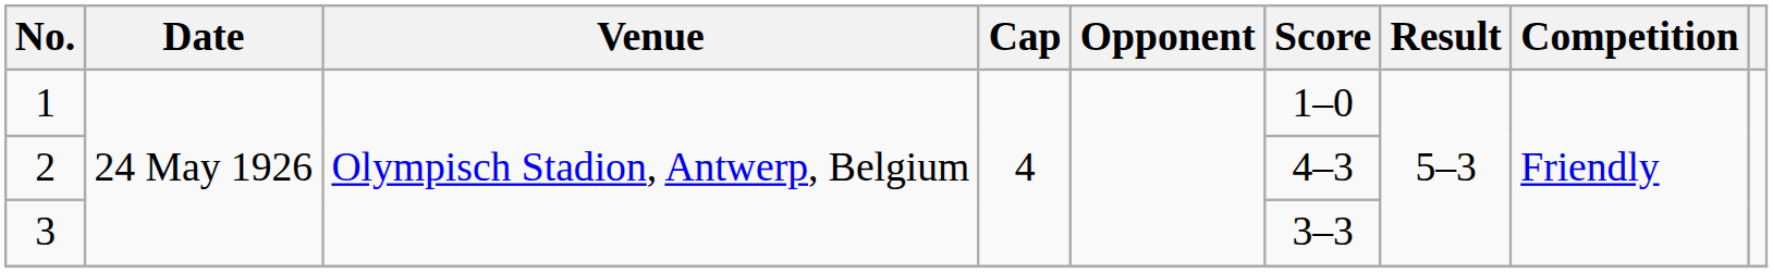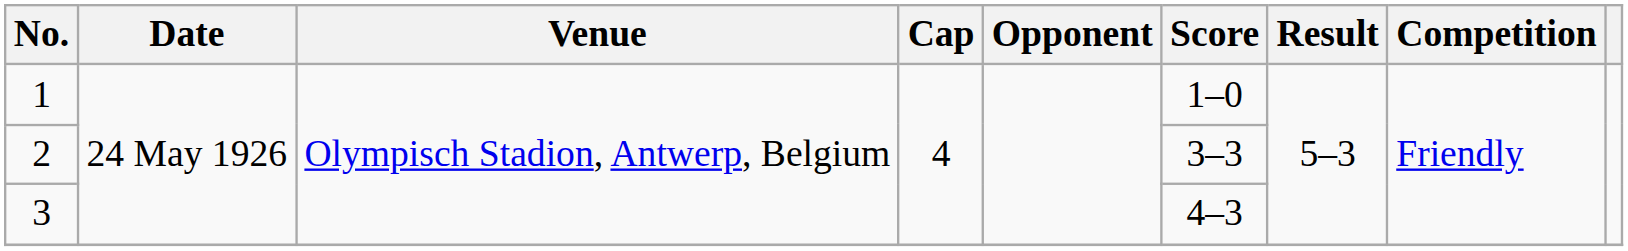 <table class="wikitable sortable">
 <tr>
 <th scope="col">No.</th>
 <th scope="col">Date</th>
 <th scope="col">Venue</th>
 <th scope="col">Cap</th>
 <th scope="col">Opponent</th>
 <th scope="col">Score</th>
 <th scope="col">Result</th>
 <th scope="col">Competition</th>
 <th scope="col" class="unsortable"></th>
 </tr>
 <tr>
 <td style="text-align: center;">1</td>
 <td rowspan="3">24 May 1926</td>
 <td rowspan="3"><a href='#'>Olympisch Stadion</a>, <a href='#'>Antwerp</a>, Belgium</td>
 <td rowspan="3" style="text-align: center;">4</td>
 <td rowspan="3"></td>
 <td style="text-align: center;">1–0</td>
 <td rowspan="3" style="text-align: center;">5–3</td>
 <td rowspan="3"><a href='#'>Friendly</a></td>
 <td rowspan="3" style="text-align: center;"></td>
 </tr>
 <tr>
 <td style="text-align: center;">2</td>
-<td style="text-align: center;">4–3</td>
+<td style="text-align: center;">3–3</td>
 </tr>
 <tr>
 <td style="text-align: center;">3</td>
-<td style="text-align: center;">3–3</td>
+<td style="text-align: center;">4–3</td>
 </tr>
 <tr>
 </tr>
 </table>
